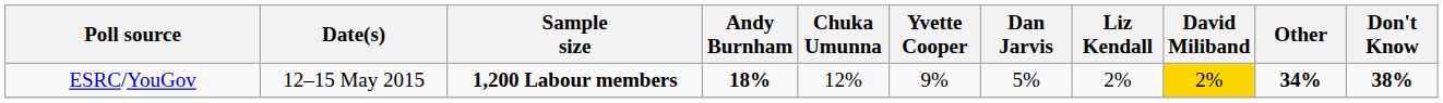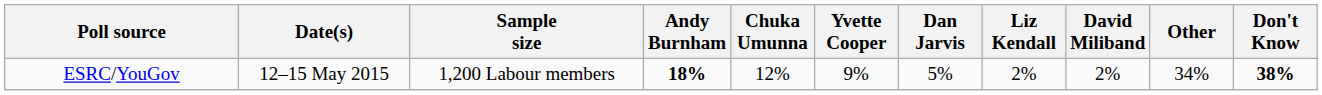 <table class="wikitable" style="text-align:center; font-size:95%">
 <tr valign= middle>
 <th style="width:180px;">Poll source</th>
 <th style="width:130px;">Date(s)</th>
 <th style="width:180px;">Sample <br>size</th>
 <th style="width:60px;">Andy<br>Burnham</th>
 <th style="width:60px;">Chuka<br>Umunna</th>
 <th style="width:60px;">Yvette<br>Cooper</th>
 <th style="width:60px;">Dan<br>Jarvis</th>
 <th style="width:60px;">Liz<br>Kendall</th>
 <th style="width:60px;">David<br>Miliband</th>
 <th style="width:60px;">Other</th>
 <th style="width:60px;">Don't <br> Know</th>
 </tr>
 <tr>
 <td><a href='#'>ESRC</a>/<a href='#'>YouGov</a></td>
 <td style="text-align:center;">12–15 May 2015</td>
-<td style="text-align:center;"><strong>1,200 Labour members</strong></td>
+<td style="text-align:center;">1,200 Labour members</td>
 <td><strong>18%</strong></td>
 <td align=center>12%</td>
 <td align=center>9%</td>
 <td align=center>5%</td>
 <td align=center>2%</td>
-<td align=center style="background: gold;">2%</td>
-<td align=center><strong>34%</strong></td>
+<td align=center>2%</td>
+<td align=center>34%</td>
 <td><strong>38%</strong></td>
 </tr>
 <tr>
 </tr>
 </table>
